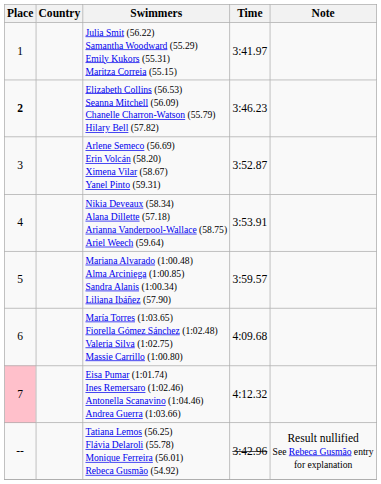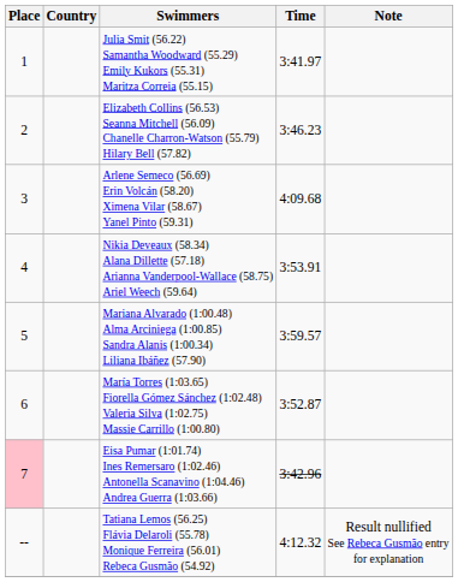 <table class="wikitable" style="text-align:center">
 <tr>
 <th>Place</th>
 <th>Country</th>
 <th>Swimmers</th>
 <th>Time</th>
 <th>Note</th>
 </tr>
 <tr>
 <td>1</td>
 <td align=left></td>
 <td align=left><small> <a href='#'>Julia Smit</a> (56.22) <br> <a href='#'>Samantha Woodward</a> (55.29) <br> <a href='#'>Emily Kukors</a> (55.31) <br> <a href='#'>Maritza Correia</a> (55.15)</small></td>
 <td>3:41.97</td>
 <td></td>
 </tr>
 <tr>
-<td><strong>2</strong></td>
+<td>2</td>
 <td align=left></td>
 <td align=left><small> <a href='#'>Elizabeth Collins</a> (56.53) <br> <a href='#'>Seanna Mitchell</a> (56.09) <br> <a href='#'>Chanelle Charron-Watson</a> (55.79) <br> <a href='#'>Hilary Bell</a> (57.82)</small></td>
 <td>3:46.23</td>
 <td></td>
 </tr>
 <tr>
 <td>3</td>
 <td align=left></td>
 <td align=left><small> <a href='#'>Arlene Semeco</a> (56.69) <br> <a href='#'>Erin Volcán</a> (58.20) <br> <a href='#'>Ximena Vilar</a> (58.67) <br> <a href='#'>Yanel Pinto</a> (59.31)</small></td>
-<td>3:52.87</td>
+<td>4:09.68</td>
 <td></td>
 </tr>
 <tr>
 <td>4</td>
 <td align=left></td>
 <td align=left><small> <a href='#'>Nikia Deveaux</a> (58.34) <br> <a href='#'>Alana Dillette</a> (57.18) <br> <a href='#'>Arianna Vanderpool-Wallace</a> (58.75) <br> <a href='#'>Ariel Weech</a> (59.64)</small></td>
 <td>3:53.91</td>
 <td></td>
 </tr>
 <tr>
 <td>5</td>
 <td align=left></td>
 <td align=left><small> <a href='#'>Mariana Alvarado</a> (1:00.48) <br> <a href='#'>Alma Arciniega</a> (1:00.85) <br> <a href='#'>Sandra Alanis</a> (1:00.34) <br> <a href='#'>Liliana Ibáñez</a> (57.90)</small></td>
 <td>3:59.57</td>
 <td></td>
 </tr>
 <tr>
 <td>6</td>
 <td align=left></td>
 <td align=left><small> <a href='#'>María Torres</a> (1:03.65) <br> <a href='#'>Fiorella Gómez Sánchez</a> (1:02.48) <br> <a href='#'>Valeria Silva</a> (1:02.75) <br> <a href='#'>Massie Carrillo</a> (1:00.80)</small></td>
-<td>4:09.68</td>
+<td>3:52.87</td>
 <td></td>
 </tr>
 <tr>
 <td style="background: pink;">7</td>
 <td align=left></td>
 <td align=left><small> <a href='#'>Eisa Pumar</a> (1:01.74) <br> <a href='#'>Ines Remersaro</a> (1:02.46) <br> <a href='#'>Antonella Scanavino</a> (1:04.46) <br> <a href='#'>Andrea Guerra</a> (1:03.66)</small></td>
-<td>4:12.32</td>
+<td><s>3:42.96</s></td>
 <td></td>
 </tr>
 <tr>
 <td>--</td>
 <td align=left></td>
 <td align=left><small><a href='#'>Tatiana Lemos</a> (56.25) <br><a href='#'>Flávia Delaroli</a> (55.78) <br><a href='#'>Monique Ferreira</a> (56.01) <br> <a href='#'>Rebeca Gusmão</a> (54.92)</small></td>
-<td><s>3:42.96</s></td>
+<td>4:12.32</td>
 <td>Result nullified<br><small>See <a href='#'>Rebeca Gusmão</a> entry<br> for explanation</small></td>
 </tr>
 <tr>
 </tr>
 </table>
